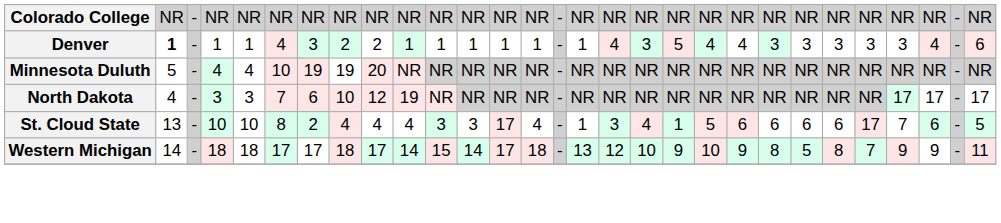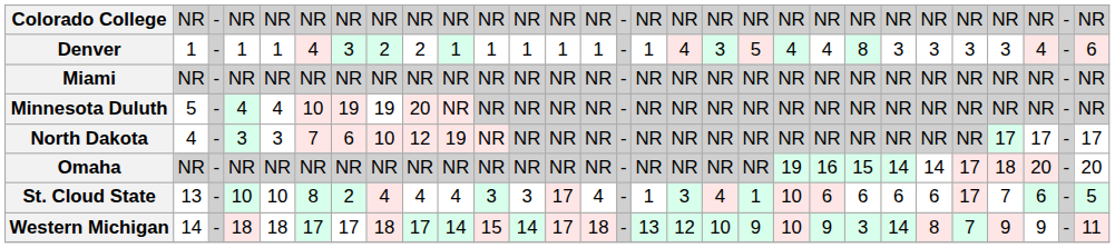 <table class="wikitable sortable" style="text-align: center;">
 <tr>
 </tr>
 <tr bgcolor=d0d0d0>
 <th>Colorado College</th>
 <td>NR</td>
 <td>-</td>
 <td>NR</td>
 <td>NR</td>
 <td>NR</td>
 <td>NR</td>
 <td>NR</td>
 <td>NR</td>
 <td>NR</td>
 <td>NR</td>
 <td>NR</td>
 <td>NR</td>
 <td>NR</td>
 <td>-</td>
 <td>NR</td>
 <td>NR</td>
 <td>NR</td>
 <td>NR</td>
 <td>NR</td>
 <td>NR</td>
 <td>NR</td>
 <td>NR</td>
 <td>NR</td>
 <td>NR</td>
 <td>NR</td>
 <td>NR</td>
 <td>-</td>
 <td>NR</td>
 </tr>
 <tr bgcolor=d0d0d0>
 <th>Denver</th>
-<td bgcolor=ffffff><strong>1</strong></td>
+<td bgcolor=ffffff>1</td>
 <td>-</td>
 <td bgcolor=ffffff>1</td>
 <td bgcolor=ffffff>1</td>
 <td bgcolor=FFE6E6>4</td>
 <td bgcolor=D8FFEB>3</td>
 <td bgcolor=D8FFEB>2</td>
 <td bgcolor=ffffff>2</td>
 <td bgcolor=D8FFEB>1</td>
 <td bgcolor=ffffff>1</td>
 <td bgcolor=ffffff>1</td>
 <td bgcolor=ffffff>1</td>
 <td bgcolor=ffffff>1</td>
 <td>-</td>
 <td bgcolor=ffffff>1</td>
 <td bgcolor=FFE6E6>4</td>
 <td bgcolor=D8FFEB>3</td>
 <td bgcolor=FFE6E6>5</td>
 <td bgcolor=D8FFEB>4</td>
 <td bgcolor=ffffff>4</td>
-<td bgcolor=D8FFEB>3</td>
+<td bgcolor=D8FFEB>8</td>
 <td bgcolor=ffffff>3</td>
 <td bgcolor=ffffff>3</td>
 <td bgcolor=ffffff>3</td>
 <td bgcolor=ffffff>3</td>
 <td bgcolor=FFE6E6>4</td>
 <td>-</td>
 <td bgcolor=FFE6E6>6</td>
+</tr>
+<tr bgcolor=d0d0d0>
+<th>Miami</th>
+<td>NR</td>
+<td>-</td>
+<td>NR</td>
+<td>NR</td>
+<td>NR</td>
+<td>NR</td>
+<td>NR</td>
+<td>NR</td>
+<td>NR</td>
+<td>NR</td>
+<td>NR</td>
+<td>NR</td>
+<td>NR</td>
+<td>-</td>
+<td>NR</td>
+<td>NR</td>
+<td>NR</td>
+<td>NR</td>
+<td>NR</td>
+<td>NR</td>
+<td>NR</td>
+<td>NR</td>
+<td>NR</td>
+<td>NR</td>
+<td>NR</td>
+<td>NR</td>
+<td>-</td>
+<td>NR</td>
 </tr>
 <tr bgcolor=d0d0d0>
 <th>Minnesota Duluth</th>
 <td bgcolor=ffffff>5</td>
 <td>-</td>
 <td bgcolor=D8FFEB>4</td>
 <td bgcolor=ffffff>4</td>
 <td bgcolor=FFE6E6>10</td>
 <td bgcolor=FFE6E6>19</td>
 <td bgcolor=ffffff>19</td>
 <td bgcolor=FFE6E6>20</td>
 <td bgcolor=FFE6E6>NR</td>
 <td>NR</td>
 <td>NR</td>
 <td>NR</td>
 <td>NR</td>
 <td>-</td>
 <td>NR</td>
 <td>NR</td>
 <td>NR</td>
 <td>NR</td>
 <td>NR</td>
 <td>NR</td>
 <td>NR</td>
 <td>NR</td>
 <td>NR</td>
 <td>NR</td>
 <td>NR</td>
 <td>NR</td>
 <td>-</td>
 <td>NR</td>
 </tr>
 <tr bgcolor=d0d0d0>
 <th>North Dakota</th>
 <td bgcolor=ffffff>4</td>
 <td>-</td>
 <td bgcolor=D8FFEB>3</td>
 <td bgcolor=ffffff>3</td>
 <td bgcolor=FFE6E6>7</td>
 <td bgcolor=FFE6E6>6</td>
 <td bgcolor=FFE6E6>10</td>
 <td bgcolor=FFE6E6>12</td>
 <td bgcolor=FFE6E6>19</td>
 <td bgcolor=FFE6E6>NR</td>
 <td>NR</td>
 <td>NR</td>
 <td>NR</td>
 <td>-</td>
 <td>NR</td>
 <td>NR</td>
 <td>NR</td>
 <td>NR</td>
 <td>NR</td>
 <td>NR</td>
 <td>NR</td>
 <td>NR</td>
 <td>NR</td>
 <td>NR</td>
 <td bgcolor=D8FFEB>17</td>
 <td bgcolor=ffffff>17</td>
 <td>-</td>
 <td bgcolor=ffffff>17</td>
 </tr>
 <tr bgcolor=d0d0d0>
+<th>Omaha</th>
+<td>NR</td>
+<td>-</td>
+<td>NR</td>
+<td>NR</td>
+<td>NR</td>
+<td>NR</td>
+<td>NR</td>
+<td>NR</td>
+<td>NR</td>
+<td>NR</td>
+<td>NR</td>
+<td>NR</td>
+<td>NR</td>
+<td>-</td>
+<td>NR</td>
+<td>NR</td>
+<td>NR</td>
+<td>NR</td>
+<td bgcolor=D8FFEB>19</td>
+<td bgcolor=D8FFEB>16</td>
+<td bgcolor=D8FFEB>15</td>
+<td bgcolor=D8FFEB>14</td>
+<td bgcolor=ffffff>14</td>
+<td bgcolor=FFE6E6>17</td>
+<td bgcolor=FFE6E6>18</td>
+<td bgcolor=FFE6E6>20</td>
+<td>-</td>
+<td bgcolor=ffffff>20</td>
+</tr>
+<tr bgcolor=d0d0d0>
 <th>St. Cloud State</th>
 <td bgcolor=ffffff>13</td>
 <td>-</td>
 <td bgcolor=D8FFEB>10</td>
 <td bgcolor=ffffff>10</td>
 <td bgcolor=D8FFEB>8</td>
 <td bgcolor=D8FFEB>2</td>
 <td bgcolor=FFE6E6>4</td>
 <td bgcolor=ffffff>4</td>
 <td bgcolor=ffffff>4</td>
 <td bgcolor=D8FFEB>3</td>
 <td bgcolor=ffffff>3</td>
 <td bgcolor=FFE6E6>17</td>
 <td bgcolor=ffffff>4</td>
 <td>-</td>
 <td bgcolor=ffffff>1</td>
 <td bgcolor=D8FFEB>3</td>
 <td bgcolor=FFE6E6>4</td>
 <td bgcolor=D8FFEB>1</td>
-<td bgcolor=FFE6E6>5</td>
+<td bgcolor=FFE6E6>10</td>
 <td bgcolor=FFE6E6>6</td>
 <td bgcolor=ffffff>6</td>
 <td bgcolor=ffffff>6</td>
 <td bgcolor=ffffff>6</td>
 <td bgcolor=FFE6E6>17</td>
 <td bgcolor=ffffff>7</td>
 <td bgcolor=D8FFEB>6</td>
 <td>-</td>
 <td bgcolor=D8FFEB>5</td>
 </tr>
 <tr bgcolor=d0d0d0>
 <th>Western Michigan</th>
 <td bgcolor=ffffff>14</td>
 <td>-</td>
 <td bgcolor=FFE6E6>18</td>
 <td bgcolor=ffffff>18</td>
 <td bgcolor=D8FFEB>17</td>
 <td bgcolor=ffffff>17</td>
 <td bgcolor=FFE6E6>18</td>
 <td bgcolor=D8FFEB>17</td>
 <td bgcolor=D8FFEB>14</td>
 <td bgcolor=FFE6E6>15</td>
 <td bgcolor=D8FFEB>14</td>
 <td bgcolor=FFE6E6>17</td>
 <td bgcolor=FFE6E6>18</td>
 <td>-</td>
 <td bgcolor=D8FFEB>13</td>
 <td bgcolor=D8FFEB>12</td>
 <td bgcolor=D8FFEB>10</td>
 <td bgcolor=D8FFEB>9</td>
 <td bgcolor=FFE6E6>10</td>
 <td bgcolor=D8FFEB>9</td>
-<td bgcolor=D8FFEB>8</td>
-<td bgcolor=D8FFEB>5</td>
+<td bgcolor=D8FFEB>3</td>
+<td bgcolor=D8FFEB>14</td>
 <td bgcolor=FFE6E6>8</td>
 <td bgcolor=D8FFEB>7</td>
 <td bgcolor=FFE6E6>9</td>
 <td bgcolor=ffffff>9</td>
 <td>-</td>
 <td bgcolor=FFE6E6>11</td>
 </tr>
 <tr>
 </tr>
 </table>
